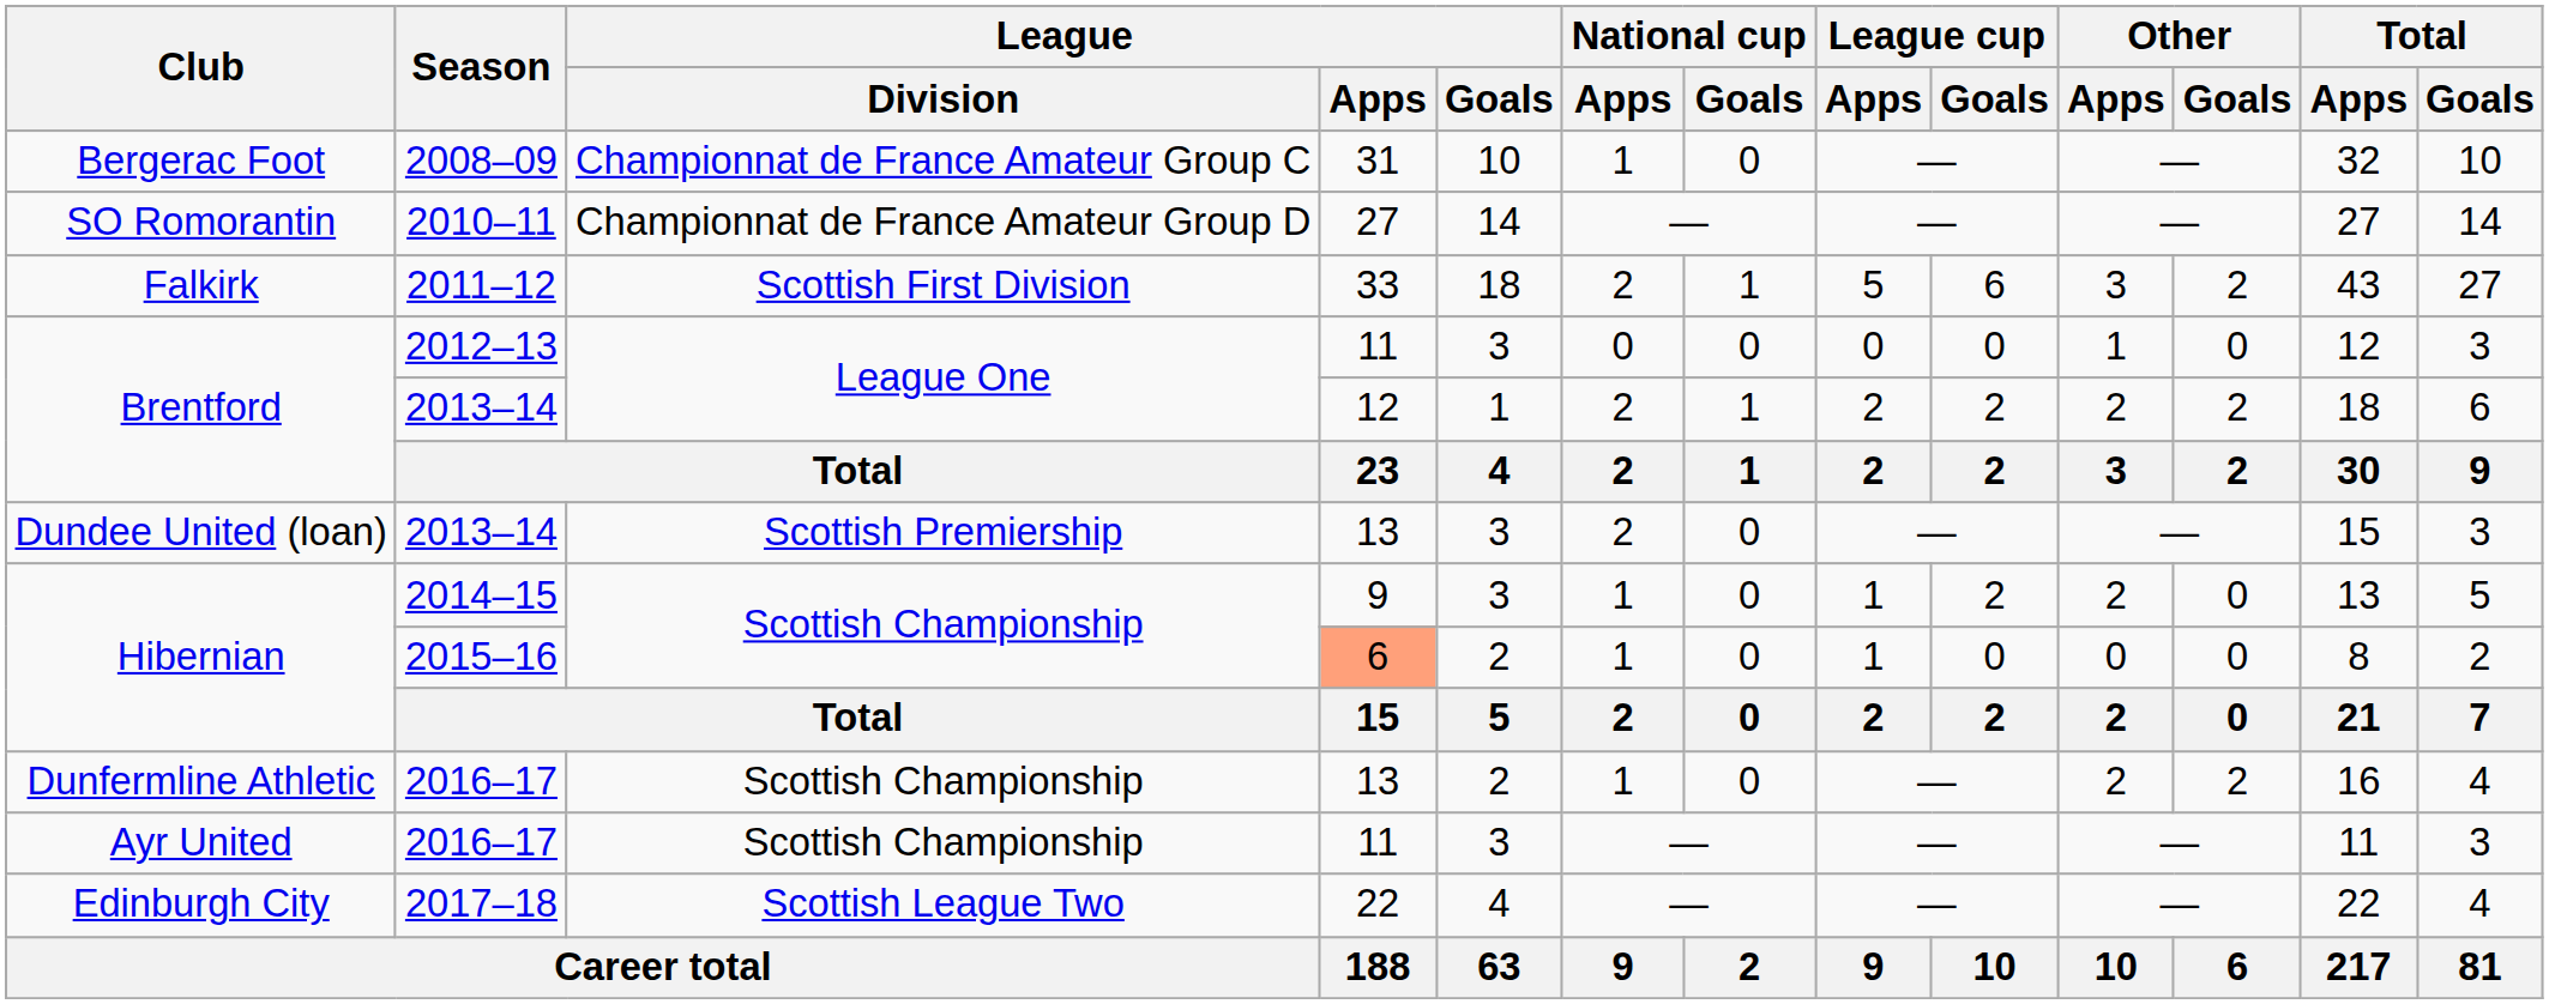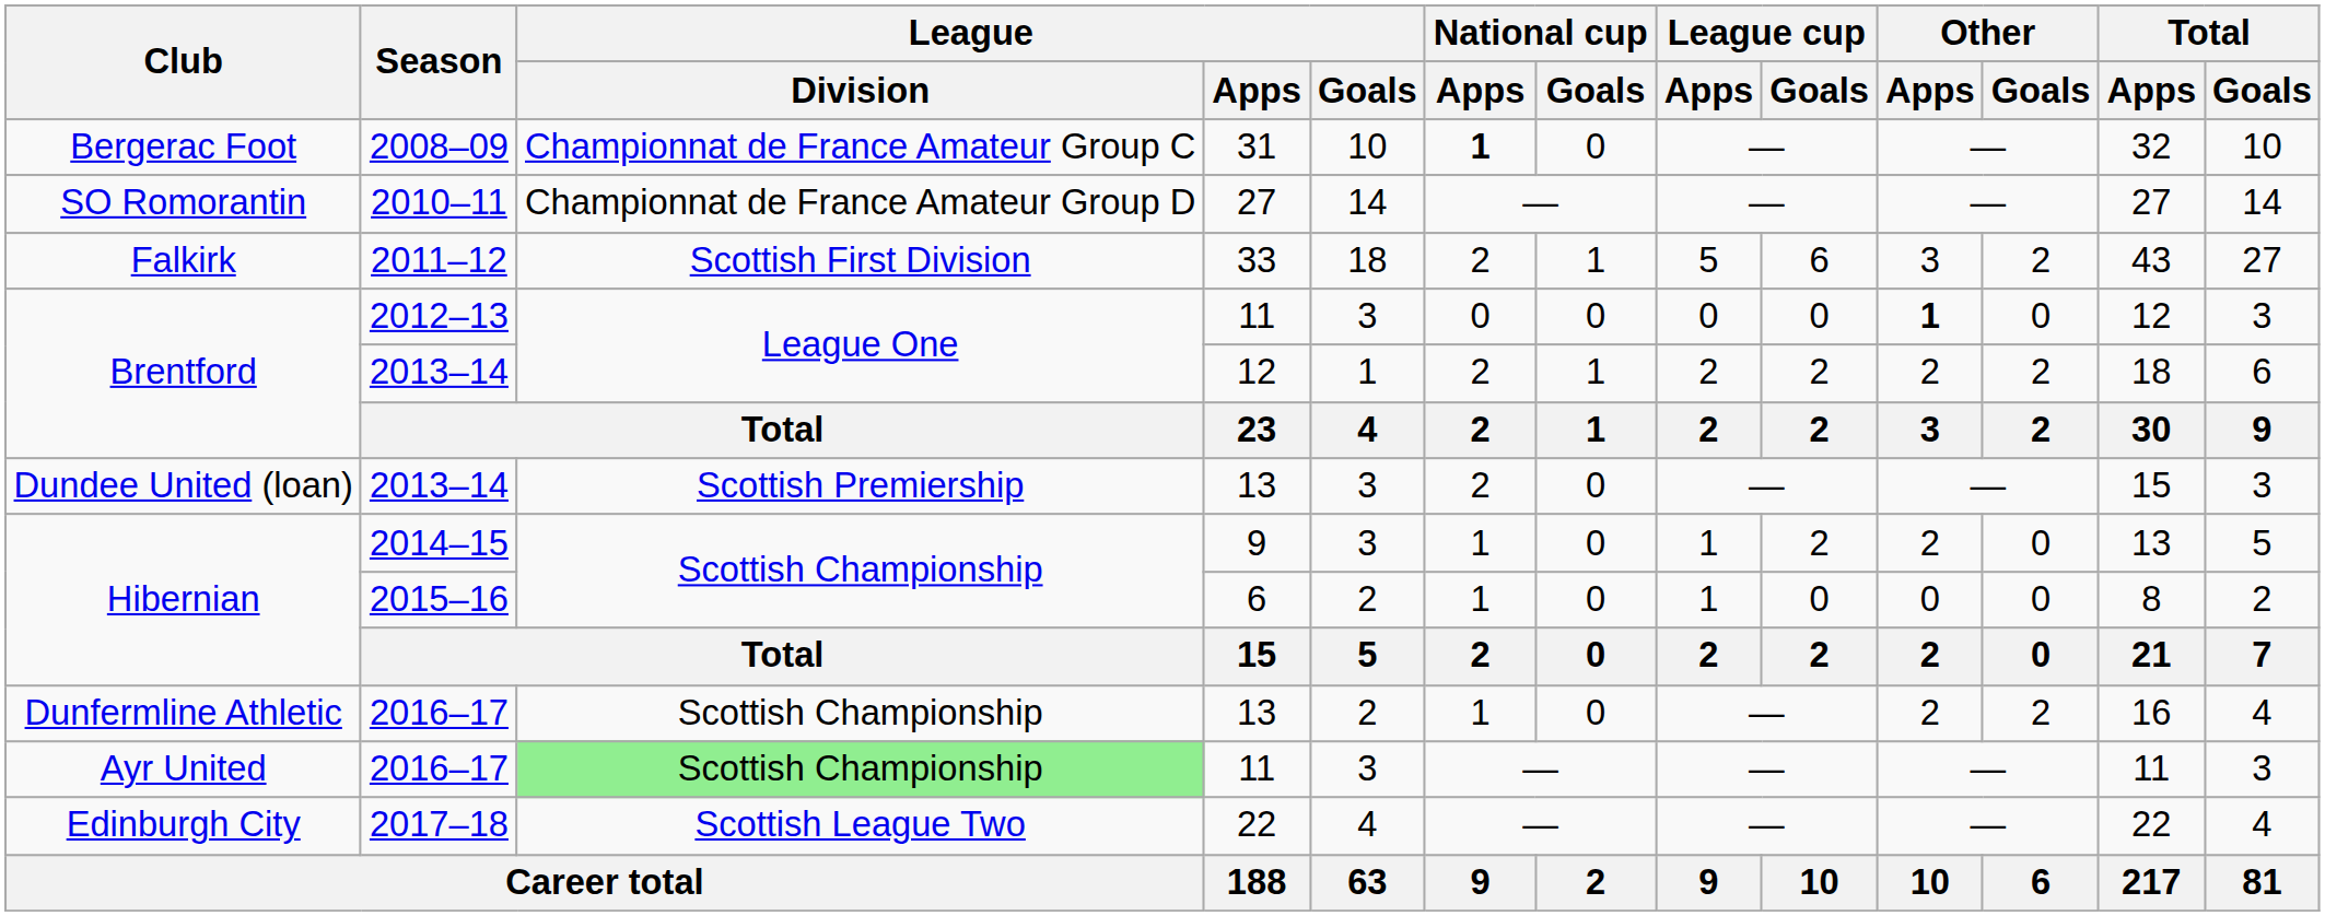 <table class="wikitable" style="text-align:center">
 <tr>
 <th rowspan="2">Club</th>
 <th rowspan="2">Season</th>
 <th colspan="3">League</th>
 <th colspan="2">National cup</th>
 <th colspan="2">League cup</th>
 <th colspan="2">Other</th>
 <th colspan="2">Total</th>
 </tr>
 <tr>
 <th>Division</th>
 <th>Apps</th>
 <th>Goals</th>
 <th>Apps</th>
 <th>Goals</th>
 <th>Apps</th>
 <th>Goals</th>
 <th>Apps</th>
 <th>Goals</th>
 <th>Apps</th>
 <th>Goals</th>
 </tr>
 <tr>
 <td><a href='#'>Bergerac Foot</a></td>
 <td><a href='#'>2008–09</a></td>
 <td><a href='#'>Championnat de France Amateur</a> Group C</td>
 <td>31</td>
 <td>10</td>
-<td>1</td>
+<td><strong>1</strong></td>
 <td>0</td>
 <td colspan="2">—</td>
 <td colspan="2">—</td>
 <td>32</td>
 <td>10</td>
 </tr>
 <tr>
 <td><a href='#'>SO Romorantin</a></td>
 <td><a href='#'>2010–11</a></td>
 <td>Championnat de France Amateur Group D</td>
 <td>27</td>
 <td>14</td>
 <td colspan="2">—</td>
 <td colspan="2">—</td>
 <td colspan="2">—</td>
 <td>27</td>
 <td>14</td>
 </tr>
 <tr>
 <td><a href='#'>Falkirk</a></td>
 <td><a href='#'>2011–12</a></td>
 <td><a href='#'>Scottish First Division</a></td>
 <td>33</td>
 <td>18</td>
 <td>2</td>
 <td>1</td>
 <td>5</td>
 <td>6</td>
 <td>3</td>
 <td>2</td>
 <td>43</td>
 <td>27</td>
 </tr>
 <tr>
 <td rowspan="3"><a href='#'>Brentford</a></td>
 <td><a href='#'>2012–13</a></td>
 <td rowspan="2"><a href='#'>League One</a></td>
 <td>11</td>
 <td>3</td>
 <td>0</td>
 <td>0</td>
 <td>0</td>
 <td>0</td>
-<td>1</td>
+<td><strong>1</strong></td>
 <td>0</td>
 <td>12</td>
 <td>3</td>
 </tr>
 <tr>
 <td><a href='#'>2013–14</a></td>
 <td>12</td>
 <td>1</td>
 <td>2</td>
 <td>1</td>
 <td>2</td>
 <td>2</td>
 <td>2</td>
 <td>2</td>
 <td>18</td>
 <td>6</td>
 </tr>
 <tr>
 <th colspan="2">Total</th>
 <th>23</th>
 <th>4</th>
 <th>2</th>
 <th>1</th>
 <th>2</th>
 <th>2</th>
 <th>3</th>
 <th>2</th>
 <th>30</th>
 <th>9</th>
 </tr>
 <tr>
 <td><a href='#'>Dundee United</a> (loan)</td>
 <td><a href='#'>2013–14</a></td>
 <td><a href='#'>Scottish Premiership</a></td>
 <td>13</td>
 <td>3</td>
 <td>2</td>
 <td>0</td>
 <td colspan="2">—</td>
 <td colspan="2">—</td>
 <td>15</td>
 <td>3</td>
 </tr>
 <tr>
 <td rowspan="3"><a href='#'>Hibernian</a></td>
 <td><a href='#'>2014–15</a></td>
 <td rowspan="2"><a href='#'>Scottish Championship</a></td>
 <td>9</td>
 <td>3</td>
 <td>1</td>
 <td>0</td>
 <td>1</td>
 <td>2</td>
 <td>2</td>
 <td>0</td>
 <td>13</td>
 <td>5</td>
 </tr>
 <tr>
 <td><a href='#'>2015–16</a></td>
-<td style="background: lightsalmon;">6</td>
+<td>6</td>
 <td>2</td>
 <td>1</td>
 <td>0</td>
 <td>1</td>
 <td>0</td>
 <td>0</td>
 <td>0</td>
 <td>8</td>
 <td>2</td>
 </tr>
 <tr>
 <th colspan="2">Total</th>
 <th>15</th>
 <th>5</th>
 <th>2</th>
 <th>0</th>
 <th>2</th>
 <th>2</th>
 <th>2</th>
 <th>0</th>
 <th>21</th>
 <th>7</th>
 </tr>
 <tr>
 <td><a href='#'>Dunfermline Athletic</a></td>
 <td><a href='#'>2016–17</a></td>
 <td>Scottish Championship</td>
 <td>13</td>
 <td>2</td>
 <td>1</td>
 <td>0</td>
 <td colspan="2">—</td>
 <td>2</td>
 <td>2</td>
 <td>16</td>
 <td>4</td>
 </tr>
 <tr>
 <td><a href='#'>Ayr United</a></td>
 <td><a href='#'>2016–17</a></td>
-<td>Scottish Championship</td>
+<td style="background: lightgreen;">Scottish Championship</td>
 <td>11</td>
 <td>3</td>
 <td colspan="2">—</td>
 <td colspan="2">—</td>
 <td colspan="2">—</td>
 <td>11</td>
 <td>3</td>
 </tr>
 <tr>
 <td><a href='#'>Edinburgh City</a></td>
 <td><a href='#'>2017–18</a></td>
 <td><a href='#'>Scottish League Two</a></td>
 <td>22</td>
 <td>4</td>
 <td colspan="2">—</td>
 <td colspan="2">—</td>
 <td colspan="2">—</td>
 <td>22</td>
 <td>4</td>
 </tr>
 <tr>
 <th colspan="3">Career total</th>
 <th>188</th>
 <th>63</th>
 <th>9</th>
 <th>2</th>
 <th>9</th>
 <th>10</th>
 <th>10</th>
 <th>6</th>
 <th>217</th>
 <th>81</th>
 </tr>
 </table>
